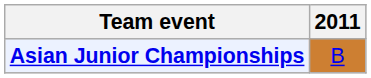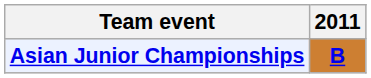 <table style='font-size: 90%; text-align:center;' class='wikitable'>
 <tr>
 <th>Team event</th>
 <th>2011</th>
 </tr>
 <tr>
 <td bgcolor="#ECF2FF"; align="left"><strong><a href='#'>Asian Junior Championships</a></strong></td>
-<td bgcolor=CD7F32><a href='#'>B</a></td>
+<td bgcolor=CD7F32><strong><a href='#'>B</a></strong></td>
 </tr>
 </table>
